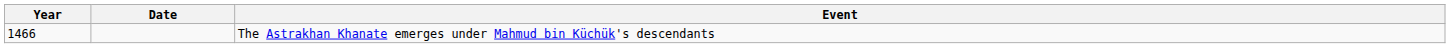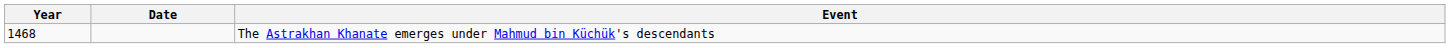 <table class="wikitable" width="100%">
 <tr>
 <th style="width:6%">Year</th>
 <th style="width:10%">Date</th>
 <th>Event</th>
 </tr>
 <tr>
-<td>1466</td>
+<td>1468</td>
 <td></td>
 <td>The <a href='#'>Astrakhan Khanate</a> emerges under <a href='#'>Mahmud bin Küchük</a>'s descendants</td>
 </tr>
 </table>
